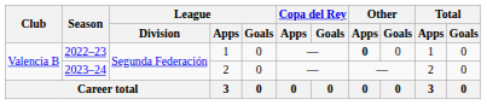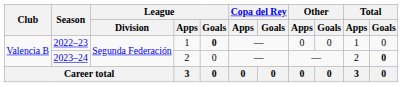 <table class=wikitable style=text-align:center>
 <tr>
 <th rowspan="2">Club</th>
 <th rowspan="2">Season</th>
 <th colspan="3">League</th>
 <th colspan="2"><a href='#'>Copa del Rey</a></th>
 <th colspan="2">Other</th>
 <th colspan="2">Total</th>
 </tr>
 <tr>
 <th>Division</th>
 <th>Apps</th>
 <th>Goals</th>
 <th>Apps</th>
 <th>Goals</th>
 <th>Apps</th>
 <th>Goals</th>
 <th>Apps</th>
 <th>Goals</th>
 </tr>
 <tr>
 <td rowspan="2"><a href='#'>Valencia B</a></td>
 <td><a href='#'>2022–23</a></td>
 <td rowspan="2"><a href='#'>Segunda Federación</a></td>
 <td>1</td>
+<td><strong>0</strong></td>
+<td colspan="2">—</td>
 <td>0</td>
-<td colspan="2">—</td>
-<td><strong>0</strong></td>
 <td>0</td>
 <td>1</td>
 <td>0</td>
 </tr>
 <tr>
 <td><a href='#'>2023–24</a></td>
 <td>2</td>
 <td>0</td>
 <td colspan="2">—</td>
 <td colspan="2">—</td>
 <td>2</td>
-<td>0</td>
+<td><strong>0</strong></td>
 </tr>
 <tr>
 <th colspan="3">Career total</th>
 <th>3</th>
 <th>0</th>
 <th>0</th>
 <th>0</th>
 <th>0</th>
 <th>0</th>
 <th>3</th>
 <th>0</th>
 </tr>
 </table>
